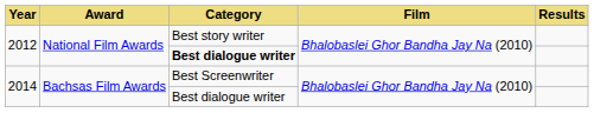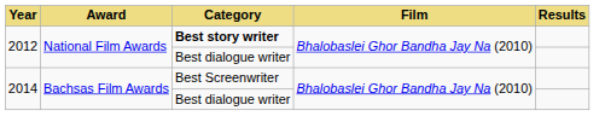 <table class="wikitable">
 <tr>
 <th style="background:#EEDD82;">Year</th>
 <th style="background:#EEDD82;">Award</th>
 <th style="background:#EEDD82;">Category</th>
 <th style="background:#EEDD82;">Film</th>
 <th style="background:#EEDD82;">Results</th>
 </tr>
 <tr>
 <td rowspan="2">2012</td>
 <td rowspan="2"><a href='#'>National Film Awards</a></td>
-<td>Best story writer</td>
+<td><strong>Best story writer</strong></td>
 <td rowspan="2"><em><a href='#'>Bhalobaslei Ghor Bandha Jay Na</a></em> (2010)</td>
 <td></td>
 </tr>
 <tr>
-<td><strong>Best dialogue writer</strong></td>
+<td>Best dialogue writer</td>
 <td></td>
 </tr>
 <tr>
 <td rowspan="2">2014</td>
 <td rowspan="2"><a href='#'>Bachsas Film Awards</a></td>
 <td>Best Screenwriter</td>
 <td rowspan="2"><em><a href='#'>Bhalobaslei Ghor Bandha Jay Na</a></em> (2010)</td>
 <td></td>
 </tr>
 <tr>
 <td>Best dialogue writer</td>
 <td></td>
 </tr>
 </table>
